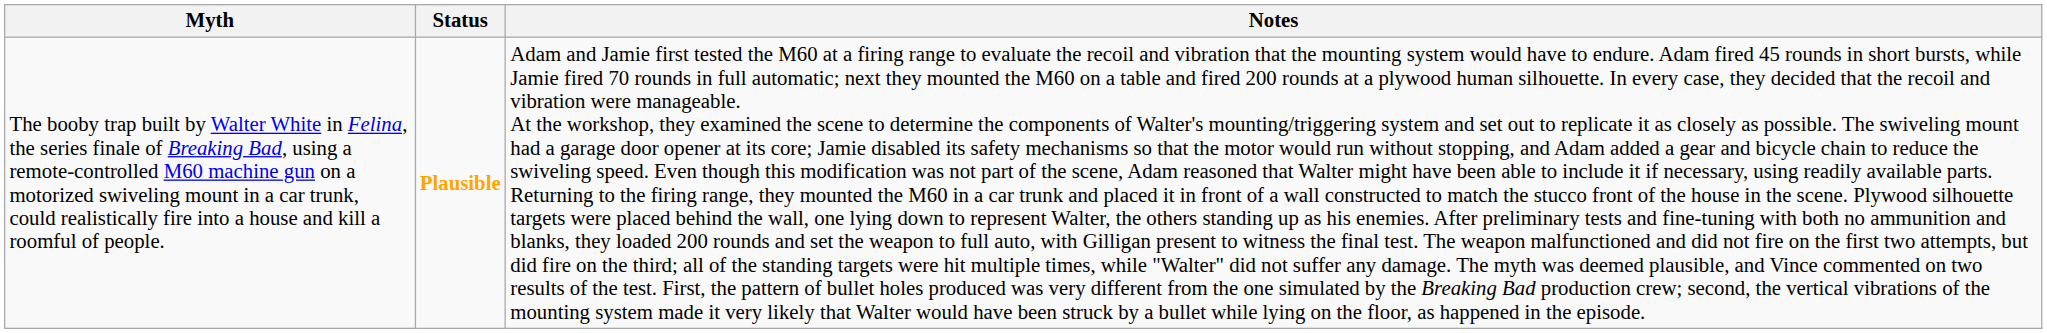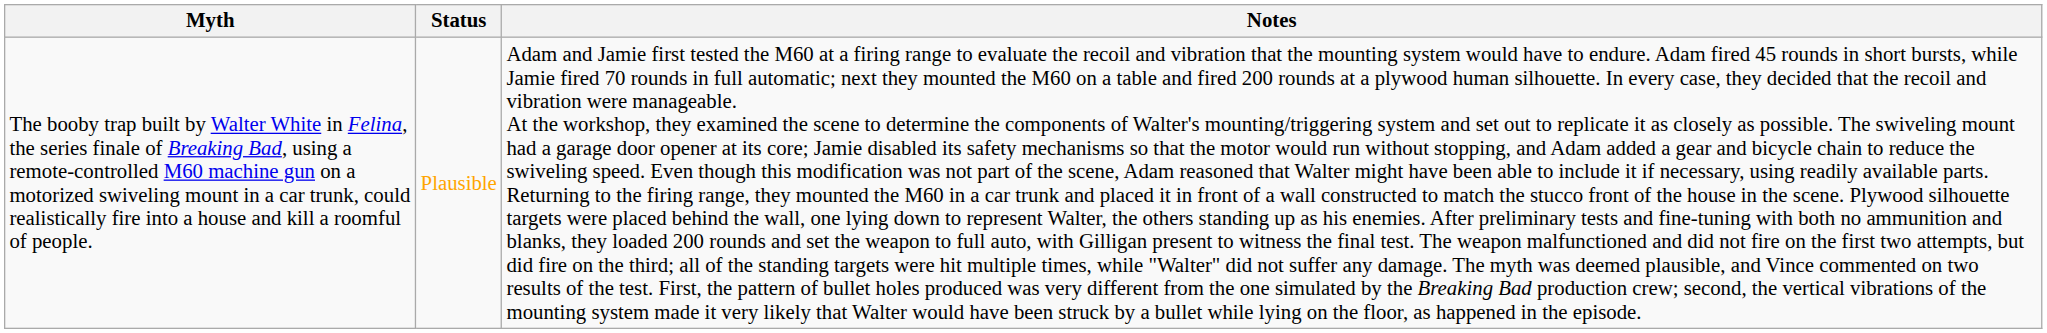 <table class="wikitable plainrowheaders">
 <tr>
 <th scope"col">Myth</th>
 <th scope"col">Status</th>
 <th scope"col">Notes</th>
 </tr>
 <tr>
 <td scope"row">The booby trap built by <a href='#'>Walter White</a> in <a href='#'><em>Felina</em></a>, the series finale of <em><a href='#'>Breaking Bad</a></em>, using a remote-controlled <a href='#'>M60 machine gun</a> on a motorized swiveling mount in a car trunk, could realistically fire into a house and kill a roomful of people.</td>
-<td style="color:orange"><strong>Plausible</strong></td>
+<td style="color:orange">Plausible</td>
 <td>Adam and Jamie first tested the M60 at a firing range to evaluate the recoil and vibration that the mounting system would have to endure. Adam fired 45 rounds in short bursts, while Jamie fired 70 rounds in full automatic; next they mounted the M60 on a table and fired 200 rounds at a plywood human silhouette. In every case, they decided that the recoil and vibration were manageable.<br>At the workshop, they examined the scene to determine the components of Walter's mounting/triggering system and set out to replicate it as closely as possible. The swiveling mount had a garage door opener at its core; Jamie disabled its safety mechanisms so that the motor would run without stopping, and Adam added a gear and bicycle chain to reduce the swiveling speed. Even though this modification was not part of the scene, Adam reasoned that Walter might have been able to include it if necessary, using readily available parts.<br>Returning to the firing range, they mounted the M60 in a car trunk and placed it in front of a wall constructed to match the stucco front of the house in the scene. Plywood silhouette targets were placed behind the wall, one lying down to represent Walter, the others standing up as his enemies. After preliminary tests and fine-tuning with both no ammunition and blanks, they loaded 200 rounds and set the weapon to full auto, with Gilligan present to witness the final test. The weapon malfunctioned and did not fire on the first two attempts, but did fire on the third; all of the standing targets were hit multiple times, while "Walter" did not suffer any damage. The myth was deemed plausible, and Vince commented on two results of the test. First, the pattern of bullet holes produced was very different from the one simulated by the <em>Breaking Bad</em> production crew; second, the vertical vibrations of the mounting system made it very likely that Walter would have been struck by a bullet while lying on the floor, as happened in the episode.</td>
 </tr>
 </table>
